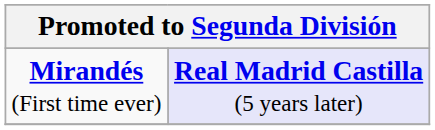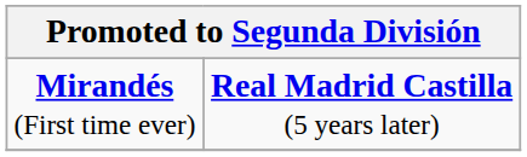 <table class="wikitable" style="text-align: center; margin: 0 auto;">
 <tr>
 <th colspan="2">Promoted to <a href='#'>Segunda División</a></th>
 </tr>
 <tr>
 <td><strong><a href='#'>Mirandés</a></strong><br><small>(First time ever)</small></td>
-<td style="background: lavender;"><strong><a href='#'>Real Madrid Castilla</a></strong><br><small>(5 years later)</small></td>
+<td><strong><a href='#'>Real Madrid Castilla</a></strong><br><small>(5 years later)</small></td>
 </tr>
 <tr>
 </tr>
 </table>
